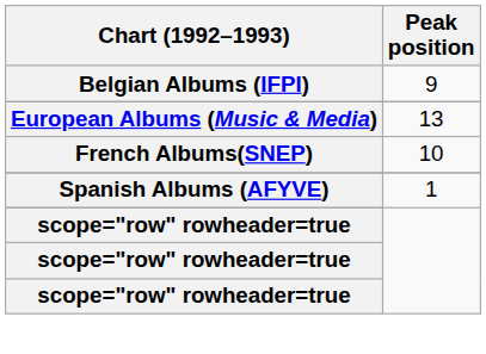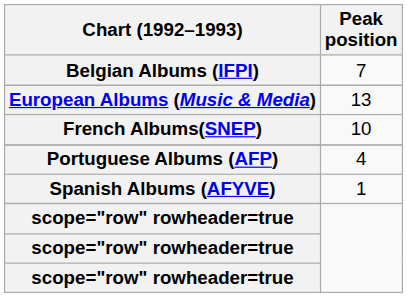 <table class="wikitable plainrowheaders sortable" style="text-align:center">
 <tr>
 <th scope="col">Chart (1992–1993)</th>
 <th>Peak<br>position</th>
 </tr>
 <tr>
 <th scope="row">Belgian Albums (<a href='#'>IFPI</a>)</th>
-<td align="center">9</td>
+<td align="center">7</td>
 </tr>
 <tr>
 </tr>
 <tr>
 <th scope="row"><a href='#'>European Albums</a> (<em><a href='#'>Music & Media</a></em>)</th>
 <td>13</td>
 </tr>
 <tr>
 <th scope="row">French Albums(<a href='#'>SNEP</a>)</th>
 <td>10</td>
 </tr>
 <tr>
+</tr>
+<tr>
+<th scope="row">Portuguese Albums (<a href='#'>AFP</a>)</th>
+<td align="center">4</td>
 </tr>
 <tr>
 <th scope="row" align="left">Spanish Albums (<a href='#'>AFYVE</a>)</th>
 <td style="text-align:center;">1</td>
 </tr>
 <tr>
 </tr>
 <tr>
 <th>scope="row" rowheader=true</th>
 </tr>
 <tr>
 <th>scope="row" rowheader=true</th>
 </tr>
 <tr>
 <th>scope="row" rowheader=true</th>
 </tr>
 </table>
